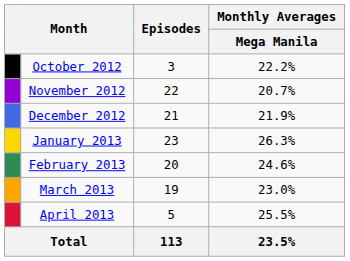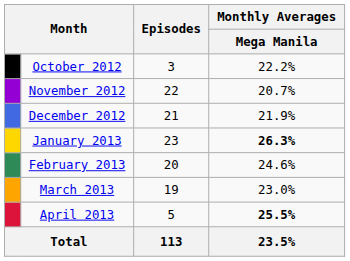 <table class="wikitable plainrowheaders" style="text-align: center; line-height:25px">
 <tr class="wikitable" style="text-align: center;">
 <th colspan="2" rowspan="2" style="padding: 0 8px;">Month</th>
 <th rowspan="2" style="padding: 0 8px;">Episodes</th>
 <th colspan="2" style="padding: 0 8px;">Monthly Averages</th>
 </tr>
 <tr>
 <th style="padding: 0 8px;">Mega Manila</th>
 </tr>
 <tr>
 <td style="padding: 0 8px; background:#000000;"></td>
 <td style="padding: 0 8px;" '><a href='#'>October 2012</a></td>
 <td style="padding: 0 8px;">3</td>
 <td style="padding: 0 8px;">22.2%</td>
 </tr>
 <tr>
 <td style="padding: 0 8px; background:#9400D3;"></td>
 <td style="padding: 0 8px;" '><a href='#'>November 2012</a></td>
 <td style="padding: 0 8px;">22</td>
 <td style="padding: 0 8px;">20.7%</td>
 </tr>
 <tr>
 <td style="padding: 0 8px; background:#4169E1;"></td>
 <td style="padding: 0 8px;" '><a href='#'>December 2012</a></td>
 <td style="padding: 0 8px;">21</td>
 <td style="padding: 0 8px;">21.9%</td>
 </tr>
 <tr>
 <td style="padding: 0 8px; background:#FFD700;"></td>
 <td style="padding: 0 8px;" '><a href='#'>January 2013</a></td>
 <td style="padding: 0 8px;">23</td>
-<td style="padding: 0 8px;">26.3%</td>
+<td style="padding: 0 8px;"><strong>26.3%</strong></td>
 </tr>
 <tr>
 <td style="padding: 0 8px; background:#2E8B57;"></td>
 <td style="padding: 0 8px;" '><a href='#'>February 2013</a></td>
 <td style="padding: 0 8px;">20</td>
 <td style="padding: 0 8px;">24.6%</td>
 </tr>
 <tr>
 <td style="padding: 0 8px; background:#FFA500;"></td>
 <td style="padding: 0 8px;" '><a href='#'>March 2013</a></td>
 <td style="padding: 0 8px;">19</td>
 <td style="padding: 0 8px;">23.0%</td>
 </tr>
 <tr>
 <td style="padding: 0 8px; background:#DC143C;"></td>
 <td style="padding: 0 8px;" '><a href='#'>April 2013</a></td>
 <td style="padding: 0 8px;">5</td>
-<td style="padding: 0 8px;">25.5%</td>
+<td style="padding: 0 8px;"><strong>25.5%</strong></td>
 </tr>
 <tr>
 <th colspan="2">Total</th>
 <th colspan="1">113</th>
 <th colspan="2">23.5%</th>
 </tr>
 </table>
